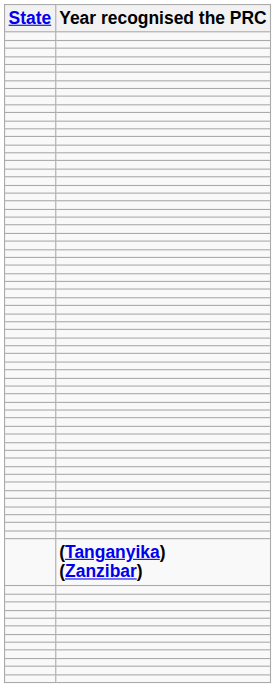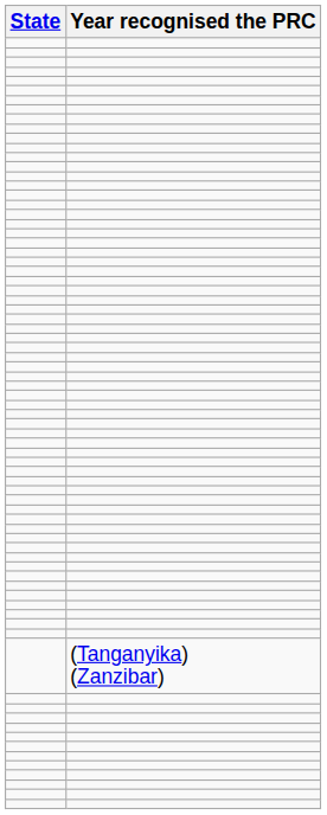 <table class="wikitable sortable">
 <tr>
 <th scope="col"><a href='#'>State</a></th>
 <th scope="col">Year recognised the PRC</th>
 </tr>
 <tr>
 <td scope="row"></td>
 <td></td>
 </tr>
 <tr>
 <td scope="row"></td>
 <td></td>
 </tr>
 <tr>
 <td scope="row"></td>
 <td></td>
 </tr>
 <tr>
 <td scope="row"></td>
 <td></td>
 </tr>
 <tr>
 <td scope="row"></td>
 <td></td>
 </tr>
 <tr>
 <td scope="row"></td>
 <td></td>
 </tr>
 <tr>
 <td scope="row"></td>
 <td></td>
 </tr>
 <tr>
 <td scope="row"></td>
 <td></td>
 </tr>
 <tr>
 <td scope="row"></td>
 <td></td>
 </tr>
 <tr>
 <td scope="row"></td>
 <td></td>
 </tr>
 <tr>
 <td scope="row"></td>
 <td></td>
 </tr>
 <tr>
 <td scope="row"></td>
 <td></td>
 </tr>
 <tr>
 <td scope="row"></td>
 <td></td>
 </tr>
 <tr>
 <td scope="row"></td>
 <td></td>
 </tr>
 <tr>
 <td scope="row"></td>
 <td></td>
 </tr>
 <tr>
 <td scope="row"></td>
 <td></td>
 </tr>
 <tr>
 <td scope="row"></td>
 <td></td>
 </tr>
 <tr>
 <td scope="row"></td>
 <td></td>
 </tr>
 <tr>
 <td scope="row"></td>
 <td></td>
 </tr>
 <tr>
 <td scope="row"></td>
 <td></td>
 </tr>
 <tr>
 <td scope="row"></td>
 <td></td>
 </tr>
 <tr>
 <td scope="row"></td>
 <td></td>
 </tr>
 <tr>
 <td scope="row"></td>
 <td></td>
 </tr>
 <tr>
 <td scope="row"></td>
 <td></td>
 </tr>
 <tr>
 <td scope="row"></td>
 <td></td>
 </tr>
 <tr>
 <td scope="row"></td>
 <td></td>
 </tr>
 <tr>
 <td scope="row"></td>
 <td></td>
 </tr>
 <tr>
 <td scope="row"></td>
 <td></td>
 </tr>
 <tr>
 <td scope="row"></td>
 <td></td>
 </tr>
 <tr>
 <td scope="row"></td>
 <td></td>
 </tr>
 <tr>
 <td scope="row"></td>
 <td></td>
 </tr>
 <tr>
 <td scope="row"></td>
 <td></td>
 </tr>
 <tr>
 <td scope="row"></td>
 <td></td>
 </tr>
 <tr>
 <td scope="row"></td>
 <td></td>
 </tr>
 <tr>
 <td scope="row"></td>
 <td></td>
 </tr>
 <tr>
 <td scope="row"></td>
 <td></td>
 </tr>
 <tr>
 <td scope="row"></td>
 <td></td>
 </tr>
 <tr>
 <td scope="row"></td>
 <td></td>
 </tr>
 <tr>
 <td scope="row"></td>
 <td></td>
 </tr>
 <tr>
 <td scope="row"></td>
 <td></td>
 </tr>
 <tr>
 <td scope="row"></td>
 <td></td>
 </tr>
 <tr>
 <td scope="row"></td>
 <td></td>
 </tr>
 <tr>
 <td scope="row"></td>
 <td></td>
 </tr>
 <tr>
 <td scope="row"></td>
 <td></td>
 </tr>
 <tr>
 <td scope="row"></td>
 <td></td>
 </tr>
 <tr>
 <td scope="row"></td>
 <td></td>
 </tr>
 <tr>
 <td scope="row"></td>
 <td></td>
 </tr>
 <tr>
 <td scope="row"></td>
 <td></td>
 </tr>
 <tr>
 <td scope="row"></td>
 <td></td>
 </tr>
 <tr>
 <td scope="row"></td>
 <td></td>
 </tr>
 <tr>
 <td scope="row"></td>
 <td></td>
 </tr>
 <tr>
 <td scope="row"></td>
 <td></td>
 </tr>
 <tr>
 <td scope="row"></td>
 <td></td>
 </tr>
 <tr>
 <td scope="row"></td>
 <td></td>
 </tr>
 <tr>
 <td scope="row"></td>
 <td></td>
 </tr>
 <tr>
 <td scope="row"></td>
 <td></td>
 </tr>
 <tr>
 <td scope="row"></td>
 <td></td>
 </tr>
 <tr>
 <td scope="row"></td>
 <td></td>
 </tr>
 <tr>
 <td scope="row"></td>
 <td></td>
 </tr>
 <tr>
 <td scope="row"></td>
 <td></td>
 </tr>
 <tr>
 <td scope="row"></td>
 <td></td>
 </tr>
 <tr>
 <td scope="row"></td>
 <td></td>
 </tr>
 <tr>
 <td scope="row"></td>
 <td></td>
 </tr>
 <tr>
 <td scope="row"></td>
-<td><strong> (<a href='#'>Tanganyika</a>) <br>  (<a href='#'>Zanzibar</a>)</strong></td>
+<td> (<a href='#'>Tanganyika</a>) <br>  (<a href='#'>Zanzibar</a>)</td>
 </tr>
 <tr>
 <td scope="row"></td>
 <td></td>
 </tr>
 <tr>
 <td scope="row"></td>
 <td></td>
 </tr>
 <tr>
 <td scope="row"></td>
 <td></td>
 </tr>
 <tr>
 <td scope="row"></td>
 <td></td>
 </tr>
 <tr>
 <td scope="row"></td>
 <td></td>
 </tr>
 <tr>
 <td scope="row"></td>
 <td></td>
 </tr>
 <tr>
 <td scope="row"></td>
 <td></td>
 </tr>
 <tr>
 <td scope="row"></td>
 <td></td>
 </tr>
 <tr>
 <td scope="row"></td>
 <td></td>
 </tr>
 <tr>
 <td scope="row"></td>
 <td></td>
 </tr>
 <tr>
 <td scope="row"></td>
 <td></td>
 </tr>
 <tr>
 <td scope="row"></td>
 <td></td>
 </tr>
 </table>
